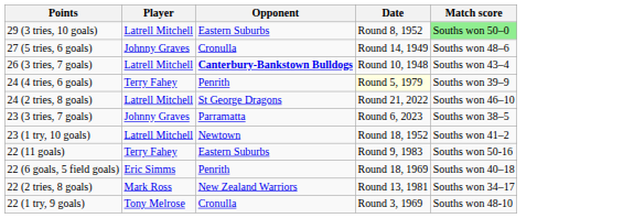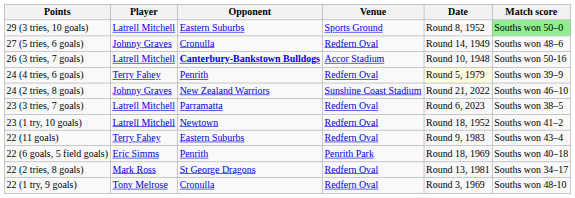 <table class="wikitable" style="text-align:left">
 <tr>
 <th>Points</th>
 <th>Player</th>
 <th>Opponent</th>
+<th>Venue</th>
 <th>Date</th>
 <th>Match score</th>
 </tr>
 <tr>
 <td>29 (3 tries, 10 goals)</td>
 <td><a href='#'>Latrell Mitchell</a></td>
 <td><a href='#'>Eastern Suburbs</a></td>
+<td><a href='#'>Sports Ground</a></td>
 <td>Round 8, 1952</td>
 <td style="background: lightgreen;">Souths won 50–0</td>
 </tr>
 <tr>
 <td>27 (5 tries, 6 goals)</td>
 <td style="text-align:left;"><a href='#'>Johnny Graves</a></td>
 <td><a href='#'>Cronulla</a></td>
+<td><a href='#'>Redfern Oval</a></td>
 <td>Round 14, 1949</td>
 <td>Souths won 48–6</td>
 </tr>
 <tr>
 <td>26 (3 tries, 7 goals)</td>
 <td style="text-align:left;"><a href='#'>Latrell Mitchell</a></td>
 <td><strong><a href='#'>Canterbury-Bankstown Bulldogs</a></strong></td>
+<td><a href='#'>Accor Stadium</a></td>
 <td>Round 10, 1948</td>
-<td>Souths won 43–4</td>
+<td>Souths won 50-16</td>
 </tr>
 <tr>
 <td>24 (4 tries, 6 goals)</td>
 <td style="text-align:left;"><a href='#'>Terry Fahey</a></td>
 <td><a href='#'>Penrith</a></td>
+<td><a href='#'>Redfern Oval</a></td>
 <td style="background: lightyellow;">Round 5, 1979</td>
 <td>Souths won 39–9</td>
 </tr>
 <tr>
 <td>24 (2 tries, 8 goals)</td>
-<td><a href='#'>Latrell Mitchell</a></td>
-<td><a href='#'>St George Dragons</a></td>
+<td style="text-align:left;"><a href='#'>Johnny Graves</a></td>
+<td><a href='#'>New Zealand Warriors</a></td>
+<td><a href='#'>Sunshine Coast Stadium</a></td>
 <td>Round 21, 2022</td>
 <td>Souths won 46–10</td>
 </tr>
 <tr>
 <td>23 (3 tries, 7 goals)</td>
-<td style="text-align:left;"><a href='#'>Johnny Graves</a></td>
+<td><a href='#'>Latrell Mitchell</a></td>
 <td><a href='#'>Parramatta</a></td>
+<td><a href='#'>Redfern Oval</a></td>
 <td>Round 6, 2023</td>
 <td>Souths won 38–5</td>
 </tr>
 <tr>
 <td>23 (1 try, 10 goals)</td>
 <td style="text-align:left;"><a href='#'>Latrell Mitchell</a></td>
 <td><a href='#'>Newtown</a></td>
+<td><a href='#'>Redfern Oval</a></td>
 <td>Round 18, 1952</td>
 <td>Souths won 41–2</td>
 </tr>
 <tr>
 <td>22 (11 goals)</td>
 <td style="text-align:left;"><a href='#'>Terry Fahey</a></td>
 <td><a href='#'>Eastern Suburbs</a></td>
+<td><a href='#'>Redfern Oval</a></td>
 <td>Round 9, 1983</td>
-<td>Souths won 50-16</td>
+<td>Souths won 43–4</td>
 </tr>
 <tr>
 <td>22 (6 goals, 5 field goals)</td>
 <td style="text-align:left;"><a href='#'>Eric Simms</a></td>
 <td><a href='#'>Penrith</a></td>
+<td><a href='#'>Penrith Park</a></td>
 <td>Round 18, 1969</td>
 <td>Souths won 40–18</td>
 </tr>
 <tr>
 <td>22 (2 tries, 8 goals)</td>
 <td style="text-align:left;"><a href='#'>Mark Ross</a></td>
-<td><a href='#'>New Zealand Warriors</a></td>
+<td><a href='#'>St George Dragons</a></td>
+<td><a href='#'>Redfern Oval</a></td>
 <td>Round 13, 1981</td>
 <td>Souths won 34–17</td>
 </tr>
 <tr>
 <td>22 (1 try, 9 goals)</td>
 <td style="text-align:left;"><a href='#'>Tony Melrose</a></td>
 <td><a href='#'>Cronulla</a></td>
+<td><a href='#'>Redfern Oval</a></td>
 <td>Round 3, 1969</td>
 <td>Souths won 48-10</td>
 </tr>
 </table>
